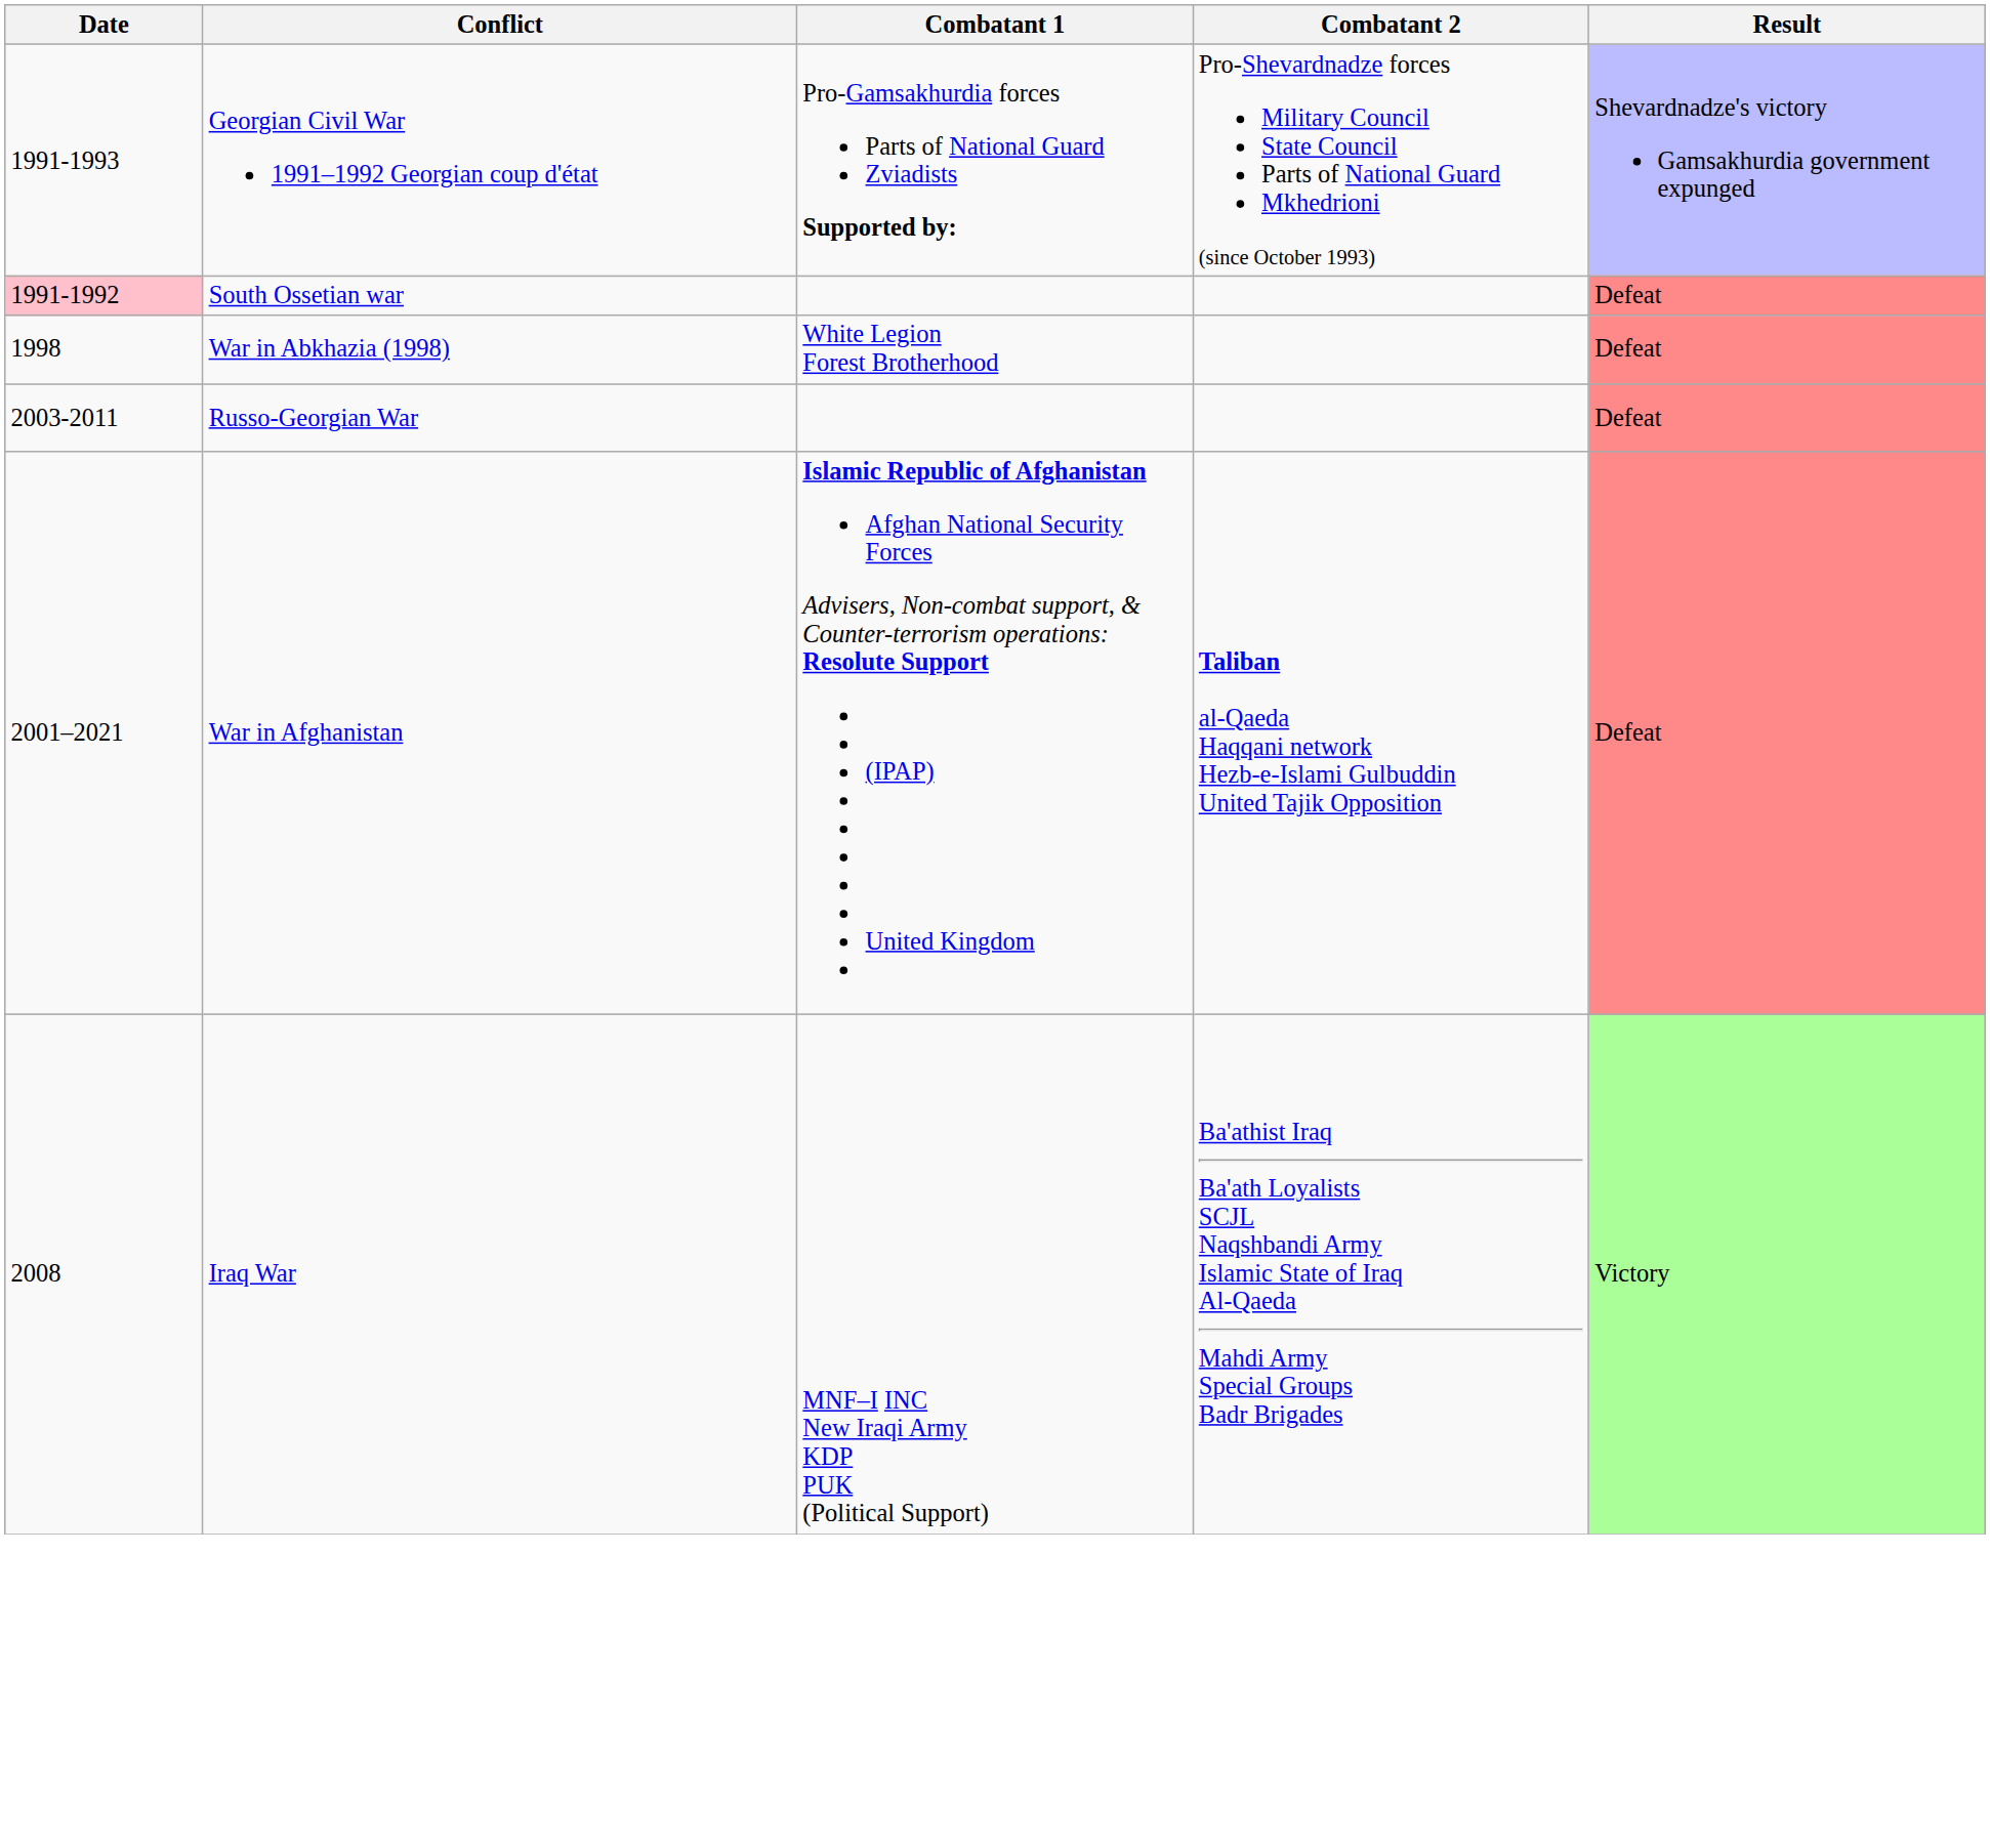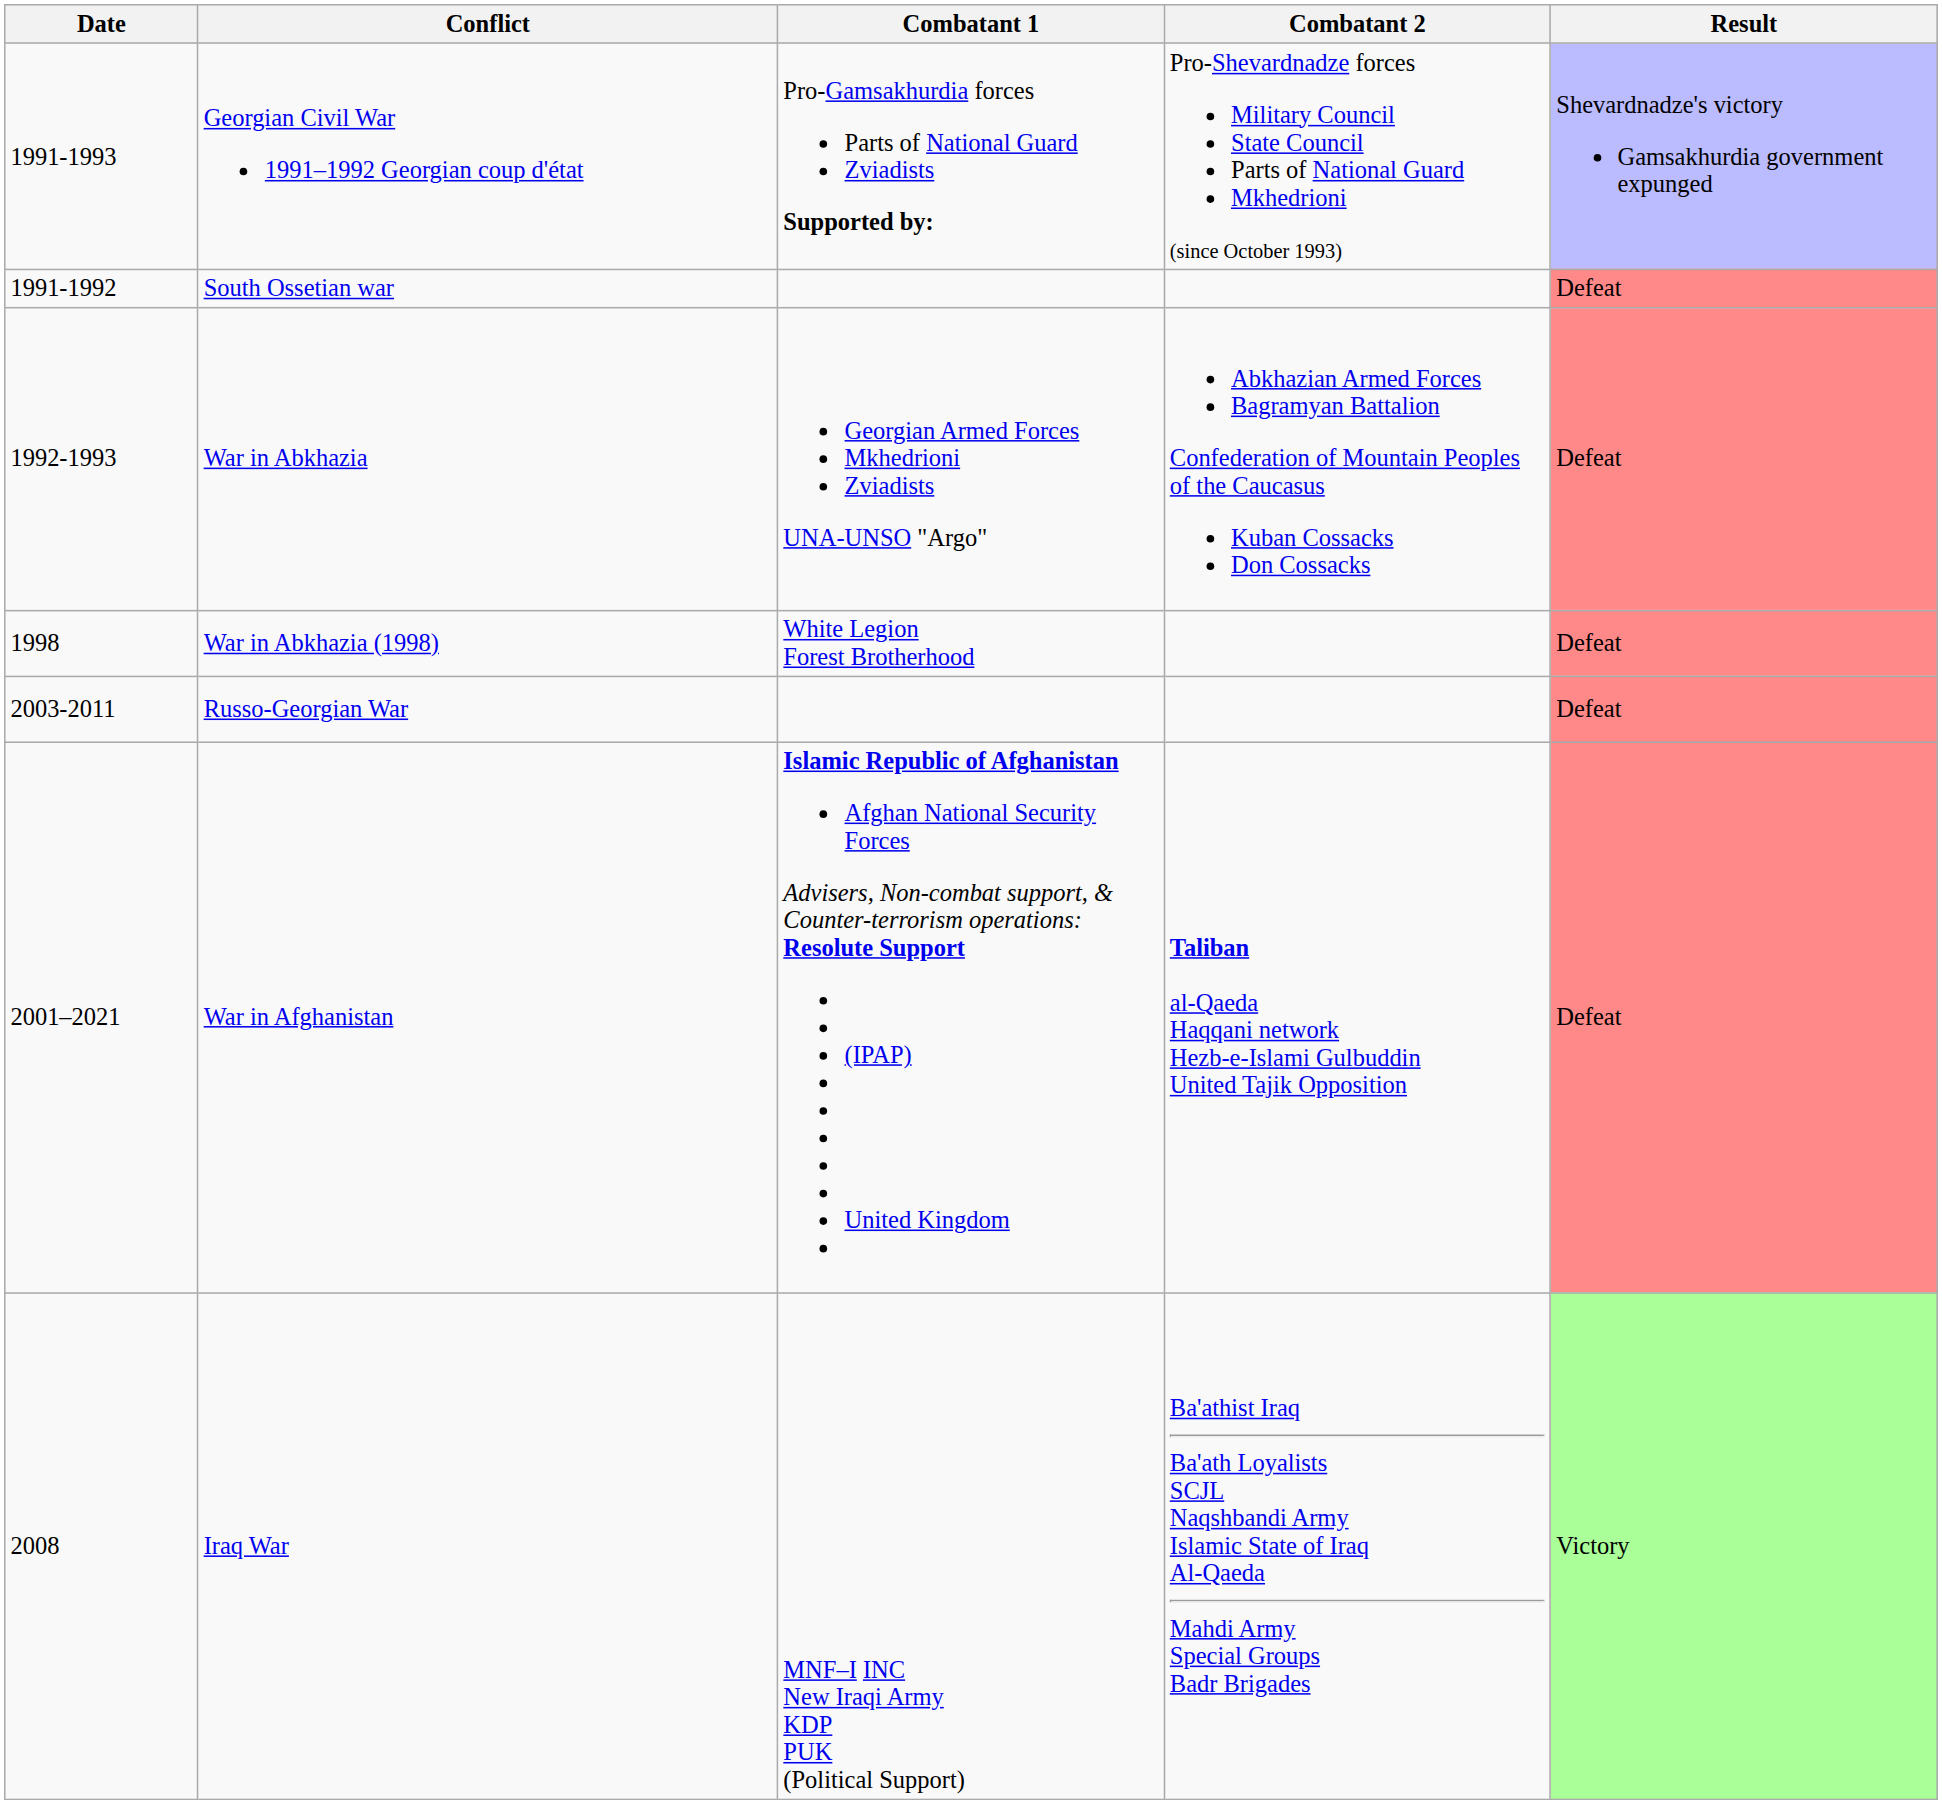 <table class="wikitable" style="width:100%;">
 <tr>
 <th style="width:10%;">Date</th>
 <th style="width:30%;">Conflict</th>
 <th style="width:20%;">Combatant 1</th>
 <th style="width:20%;">Combatant 2</th>
 <th style="width:20%;">Result</th>
 </tr>
 <tr>
 <td>1991-1993</td>
 <td><a href='#'>Georgian Civil War</a><br><ul><li><a href='#'>1991–1992 Georgian coup d'état</a></li></ul></td>
 <td> Pro-<a href='#'>Gamsakhurdia</a> forces<br><ul><li>Parts of <a href='#'>National Guard</a></li><li><a href='#'>Zviadists</a></li></ul><strong>Supported by:</strong><br> </td>
 <td> Pro-<a href='#'>Shevardnadze</a> forces<br><ul><li><a href='#'>Military Council</a></li><li><a href='#'>State Council</a></li><li>Parts of <a href='#'>National Guard</a></li><li> <a href='#'>Mkhedrioni</a></li></ul> <small>(since October 1993)</small></td>
 <td style="background:#BBF">Shevardnadze's victory<br><ul><li>Gamsakhurdia government expunged</li></ul></td>
 </tr>
 <tr>
-<td style="background: pink;">1991-1992</td>
+<td>1991-1992</td>
 <td><a href='#'>South Ossetian war</a></td>
 <td></td>
 <td><br></td>
+<td style="background:#F88">Defeat</td>
+</tr>
+<tr>
+<td>1992-1993</td>
+<td><a href='#'>War in Abkhazia</a></td>
+<td><br><ul><li><a href='#'>Georgian Armed Forces</a></li><li> <a href='#'>Mkhedrioni</a></li><li><a href='#'>Zviadists</a></li></ul> <a href='#'>UNA-UNSO</a> "Argo"</td>
+<td><br><ul><li><a href='#'>Abkhazian Armed Forces</a></li><li><a href='#'>Bagramyan Battalion</a></li></ul> <a href='#'>Confederation of Mountain Peoples of the Caucasus</a><br> <ul><li> <a href='#'>Kuban Cossacks</a></li><li> <a href='#'>Don Cossacks</a></li></ul></td>
 <td style="background:#F88">Defeat</td>
 </tr>
 <tr>
 <td>1998</td>
 <td><a href='#'>War in Abkhazia (1998)</a></td>
 <td> <a href='#'>White Legion</a><br> <a href='#'>Forest Brotherhood</a></td>
 <td></td>
 <td style="background:#F88">Defeat</td>
 </tr>
 <tr>
 <td>2003-2011</td>
 <td><a href='#'>Russo-Georgian War</a></td>
 <td></td>
 <td><br><br></td>
 <td style="background:#F88">Defeat</td>
 </tr>
 <tr>
 <td>2001–2021</td>
 <td><a href='#'>War in Afghanistan</a></td>
 <td> <strong><a href='#'>Islamic Republic of Afghanistan</a></strong><br><ul><li><a href='#'>Afghan National Security Forces</a></li></ul><em>Advisers, Non-combat support, & Counter-terrorism operations:</em><br> <strong><a href='#'>Resolute Support</a></strong><ul><li></li><li></li><li> <a href='#'>(IPAP)</a></li><li></li><li></li><li></li><li></li><li></li><li> <a href='#'>United Kingdom</a></li><li></li></ul></td>
 <td> <strong><a href='#'>Taliban</a></strong><br><br> <a href='#'>al-Qaeda</a><br>  <a href='#'>Haqqani network</a><br>  <a href='#'>Hezb-e-Islami Gulbuddin</a><br>  <a href='#'>United Tajik Opposition</a><br></td>
 <td style="background:#F88">Defeat</td>
 </tr>
 <tr>
 <td>2008</td>
 <td><a href='#'>Iraq War</a></td>
 <td><br><br><br><br><br><br><br><br><br><br><br><br><br> <a href='#'>MNF–I</a> <a href='#'>INC</a><br> <a href='#'>New Iraqi Army</a><br> <a href='#'>KDP</a><br> <a href='#'>PUK</a><br> (Political Support)</td>
 <td> <a href='#'>Ba'athist Iraq</a><hr> <a href='#'>Ba'ath Loyalists</a><br> <a href='#'>SCJL</a><br> <a href='#'>Naqshbandi Army</a><br> <a href='#'>Islamic State of Iraq</a><br> <a href='#'>Al-Qaeda</a><hr> <a href='#'>Mahdi Army</a><br> <a href='#'>Special Groups</a><br> <a href='#'>Badr Brigades</a></td>
 <td style="background:#AF9">Victory</td>
 </tr>
 </table>
